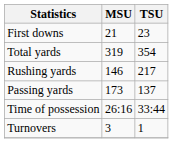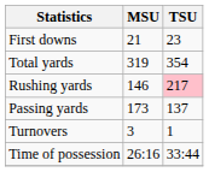 <table class="wikitable">
 <tr>
 <th>Statistics</th>
 <th>MSU</th>
 <th>TSU</th>
 </tr>
 <tr>
 <td>First downs</td>
 <td>21</td>
 <td>23</td>
 </tr>
 <tr>
 <td>Total yards</td>
 <td>319</td>
 <td>354</td>
 </tr>
 <tr>
 <td>Rushing yards</td>
 <td>146</td>
-<td>217</td>
+<td style="background: pink;">217</td>
 </tr>
 <tr>
 <td>Passing yards</td>
 <td>173</td>
 <td>137</td>
 </tr>
 <tr>
+<td>Turnovers</td>
+<td>3</td>
+<td>1</td>
+</tr>
+<tr>
 <td>Time of possession</td>
 <td>26:16</td>
 <td>33:44</td>
 </tr>
 <tr>
-<td>Turnovers</td>
-<td>3</td>
-<td>1</td>
-</tr>
-<tr>
 </tr>
 </table>
